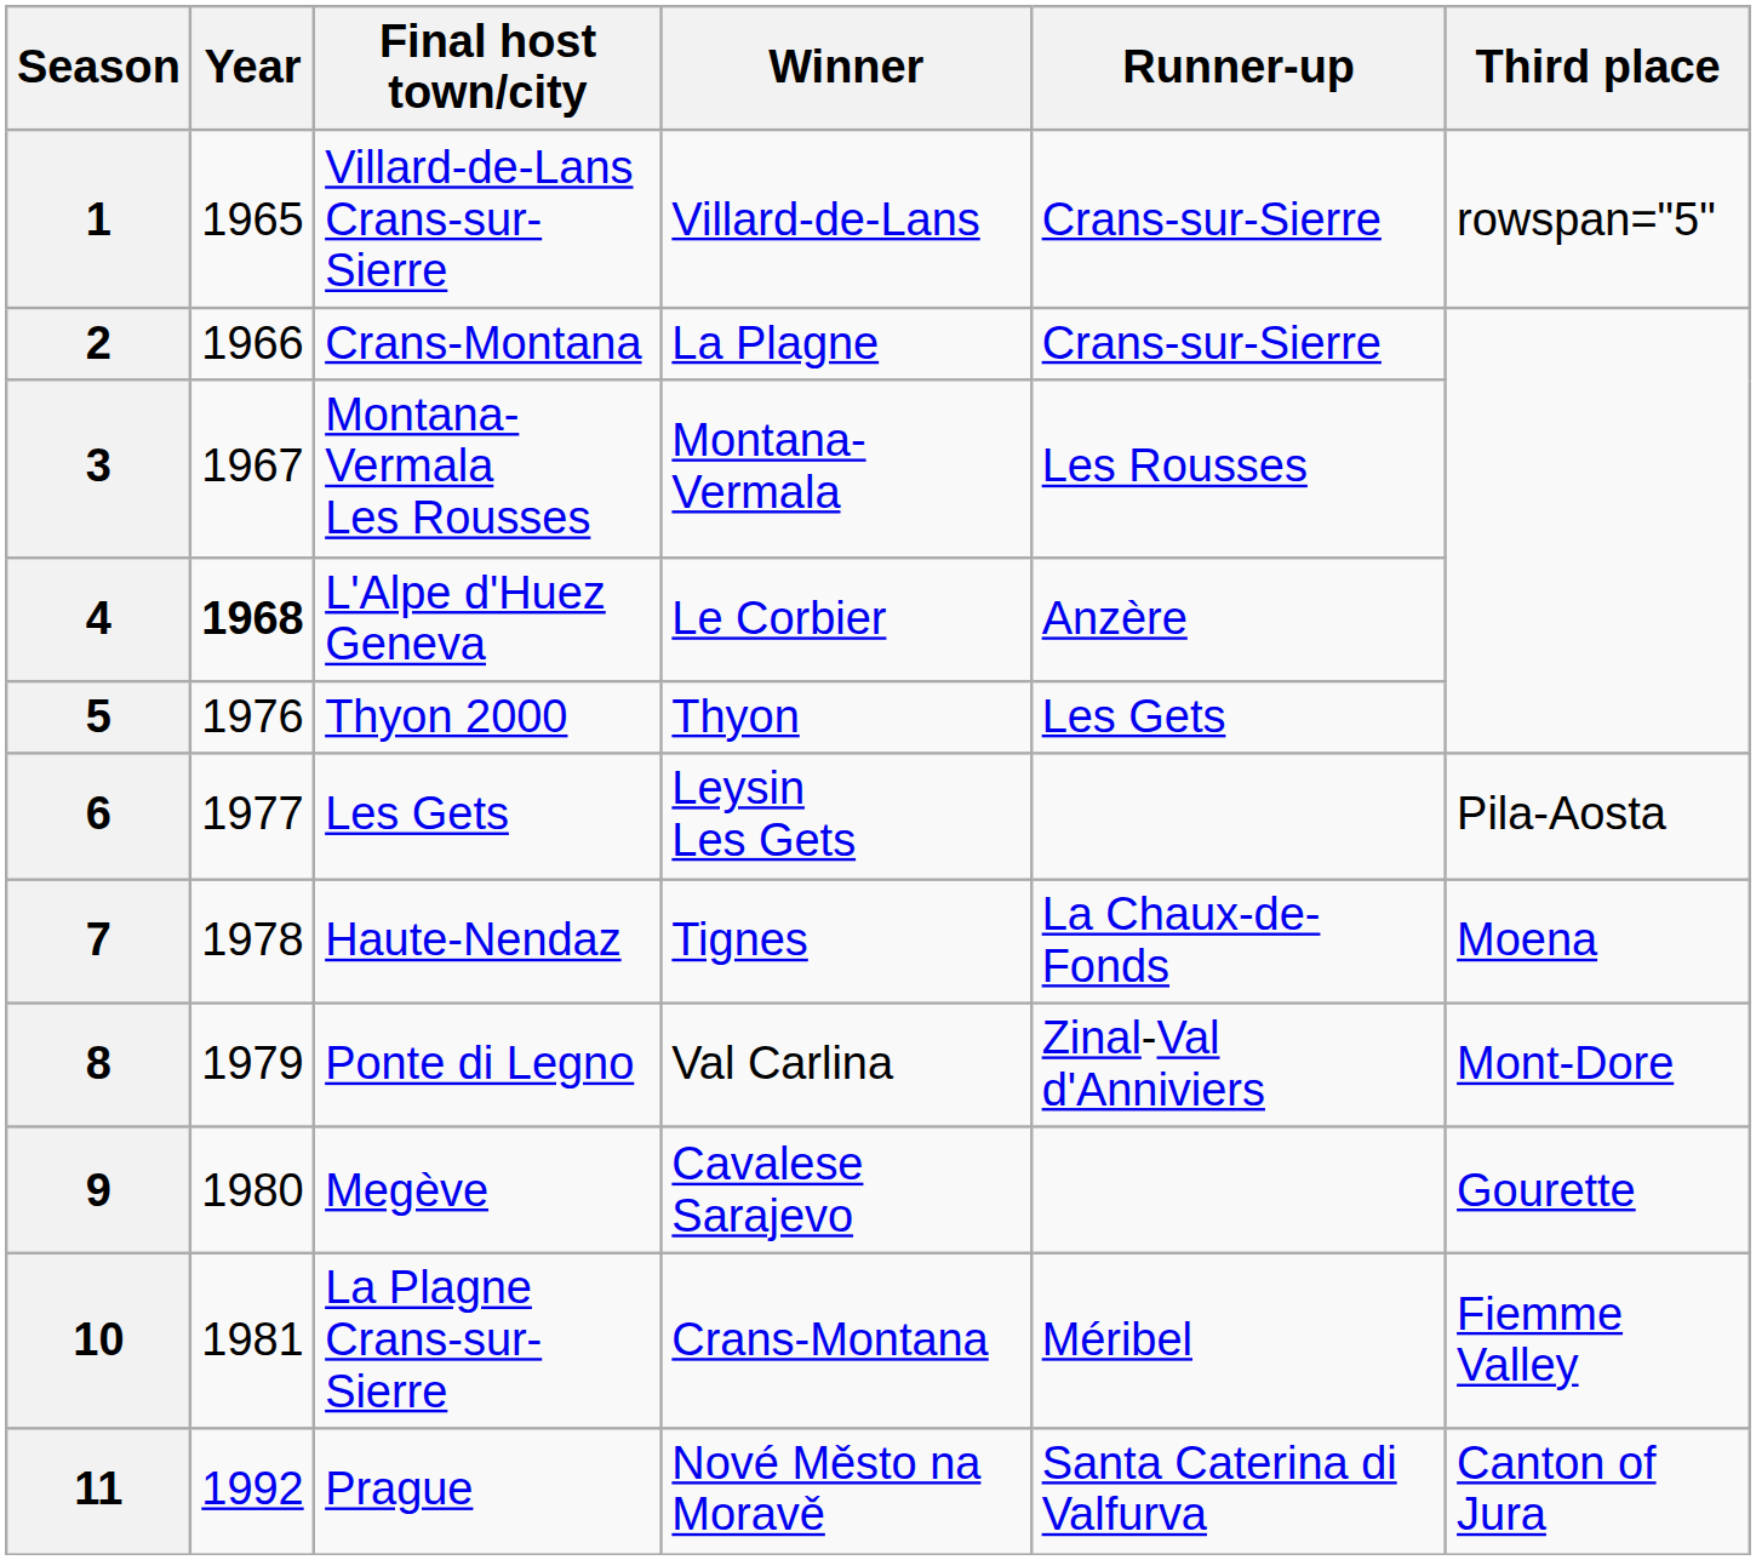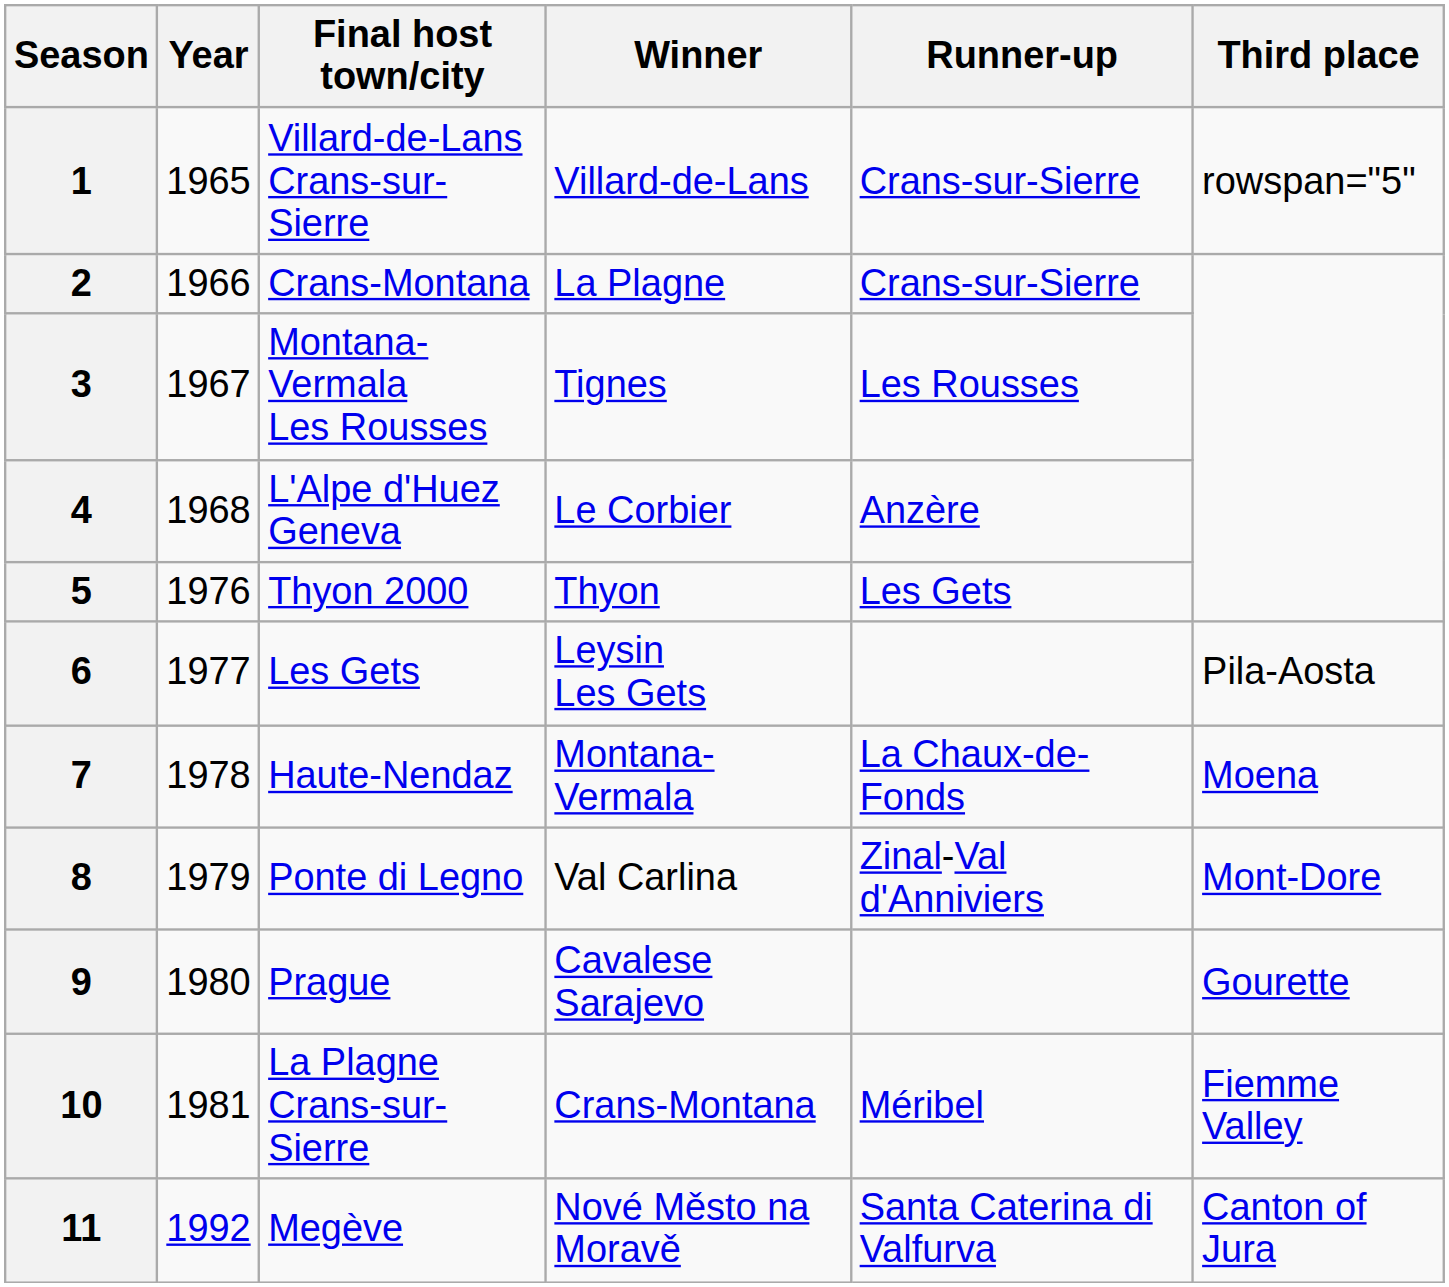 <table class="wikitable sortable">
 <tr>
 <th>Season</th>
 <th>Year</th>
 <th>Final host town/city</th>
 <th>Winner</th>
 <th>Runner-up</th>
 <th>Third place</th>
 </tr>
 <tr>
 <th>1</th>
 <td>1965</td>
 <td> <a href='#'>Villard-de-Lans</a><br> <a href='#'>Crans-sur-Sierre</a></td>
 <td> <a href='#'>Villard-de-Lans</a></td>
 <td> <a href='#'>Crans-sur-Sierre</a></td>
 <td>rowspan="5" </td>
 </tr>
 <tr>
 <th>2</th>
 <td>1966</td>
 <td> <a href='#'>Crans-Montana</a></td>
 <td> <a href='#'>La Plagne</a></td>
 <td> <a href='#'>Crans-sur-Sierre</a></td>
 </tr>
 <tr>
 <th>3</th>
 <td>1967</td>
 <td> <a href='#'>Montana-Vermala</a><br> <a href='#'>Les Rousses</a></td>
-<td> <a href='#'>Montana-Vermala</a></td>
+<td> <a href='#'>Tignes</a></td>
 <td> <a href='#'>Les Rousses</a></td>
 </tr>
 <tr>
 <th>4</th>
-<td><strong>1968</strong></td>
+<td>1968</td>
 <td> <a href='#'>L'Alpe d'Huez</a><br> <a href='#'>Geneva</a></td>
 <td> <a href='#'>Le Corbier</a></td>
 <td> <a href='#'>Anzère</a></td>
 </tr>
 <tr>
 <th>5</th>
 <td>1976</td>
 <td> <a href='#'>Thyon 2000</a></td>
 <td> <a href='#'>Thyon</a></td>
 <td> <a href='#'>Les Gets</a></td>
 </tr>
 <tr>
 <th>6</th>
 <td>1977</td>
 <td> <a href='#'>Les Gets</a></td>
 <td> <a href='#'>Leysin</a><br> <a href='#'>Les Gets</a></td>
 <td></td>
 <td> Pila-Aosta</td>
 </tr>
 <tr>
 <th>7</th>
 <td>1978</td>
 <td> <a href='#'>Haute-Nendaz</a></td>
-<td> <a href='#'>Tignes</a></td>
+<td> <a href='#'>Montana-Vermala</a></td>
 <td> <a href='#'>La Chaux-de-Fonds</a></td>
 <td> <a href='#'>Moena</a></td>
 </tr>
 <tr>
 <th>8</th>
 <td>1979</td>
 <td> <a href='#'>Ponte di Legno</a></td>
 <td> Val Carlina</td>
 <td> <a href='#'>Zinal</a>-<a href='#'>Val d'Anniviers</a></td>
 <td> <a href='#'>Mont-Dore</a></td>
 </tr>
 <tr>
 <th>9</th>
 <td>1980</td>
-<td> <a href='#'>Megève</a></td>
+<td> <a href='#'>Prague</a></td>
 <td> <a href='#'>Cavalese</a><br> <a href='#'>Sarajevo</a></td>
 <td></td>
 <td> <a href='#'>Gourette</a></td>
 </tr>
 <tr>
 <th>10</th>
 <td>1981</td>
 <td> <a href='#'>La Plagne</a><br> <a href='#'>Crans-sur-Sierre</a></td>
 <td> <a href='#'>Crans-Montana</a></td>
 <td> <a href='#'>Méribel</a></td>
 <td> <a href='#'>Fiemme Valley</a></td>
 </tr>
 <tr>
 <th>11</th>
 <td><a href='#'>1992</a></td>
-<td> <a href='#'>Prague</a></td>
+<td> <a href='#'>Megève</a></td>
 <td> <a href='#'>Nové Město na Moravě</a></td>
 <td> <a href='#'>Santa Caterina di Valfurva</a></td>
 <td> <a href='#'>Canton of Jura</a></td>
 </tr>
 </table>
